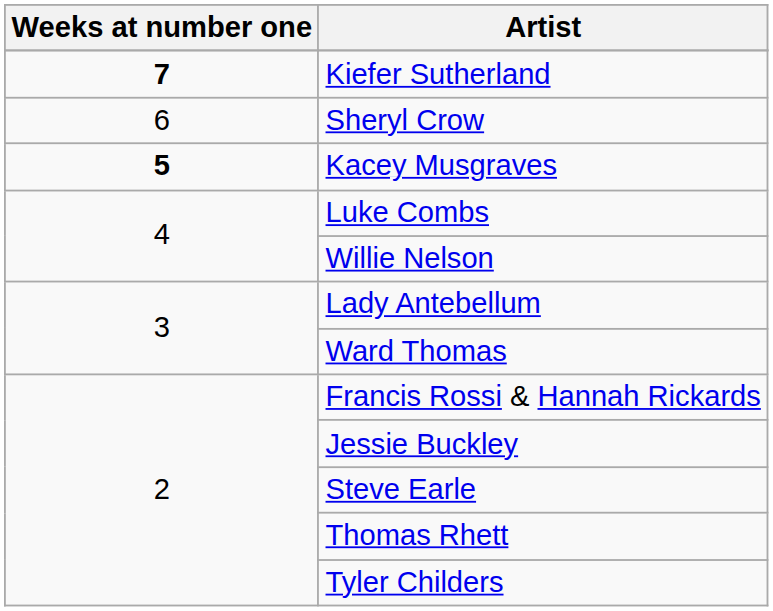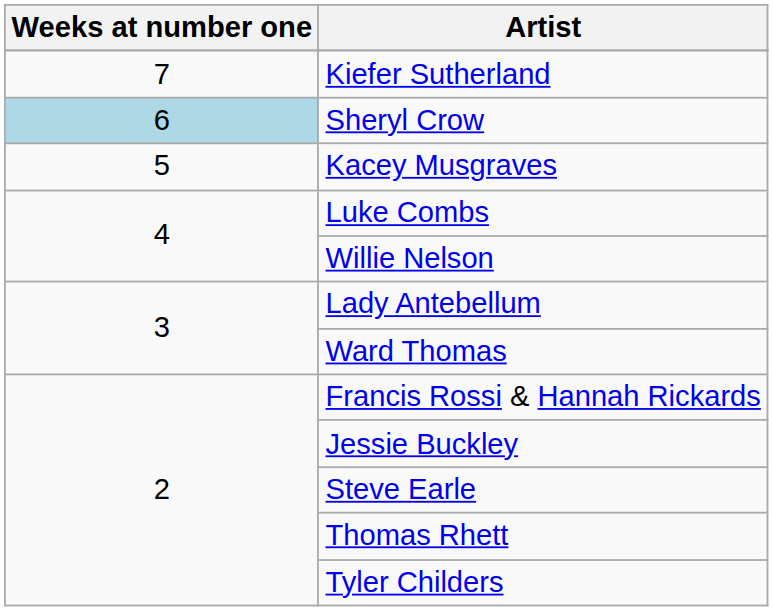 <table class="wikitable plainrowheaders sortable">
 <tr>
 <th scope=col>Weeks at number one</th>
 <th scope=col>Artist</th>
 </tr>
 <tr class=unsortable>
 </tr>
 <tr>
-<td align="center"><strong>7</strong></td>
+<td align="center">7</td>
 <td><a href='#'>Kiefer Sutherland</a></td>
 </tr>
 <tr>
-<td align="center">6</td>
+<td align="center" style="background: lightblue;">6</td>
 <td><a href='#'>Sheryl Crow</a></td>
 </tr>
 <tr>
-<td align="center"><strong>5</strong></td>
+<td align="center">5</td>
 <td><a href='#'>Kacey Musgraves</a></td>
 </tr>
 <tr>
 <td align="center" rowspan=2>4</td>
 <td><a href='#'>Luke Combs</a></td>
 </tr>
 <tr>
 <td><a href='#'>Willie Nelson</a></td>
 </tr>
 <tr>
 <td align="center" rowspan=2>3</td>
 <td><a href='#'>Lady Antebellum</a></td>
 </tr>
 <tr>
 <td><a href='#'>Ward Thomas</a></td>
 </tr>
 <tr>
 <td align="center" rowspan=5>2</td>
 <td><a href='#'>Francis Rossi</a> & <a href='#'>Hannah Rickards</a></td>
 </tr>
 <tr>
 <td><a href='#'>Jessie Buckley</a></td>
 </tr>
 <tr>
 <td><a href='#'>Steve Earle</a></td>
 </tr>
 <tr>
 <td><a href='#'>Thomas Rhett</a></td>
 </tr>
 <tr>
 <td><a href='#'>Tyler Childers</a></td>
 </tr>
 </table>
